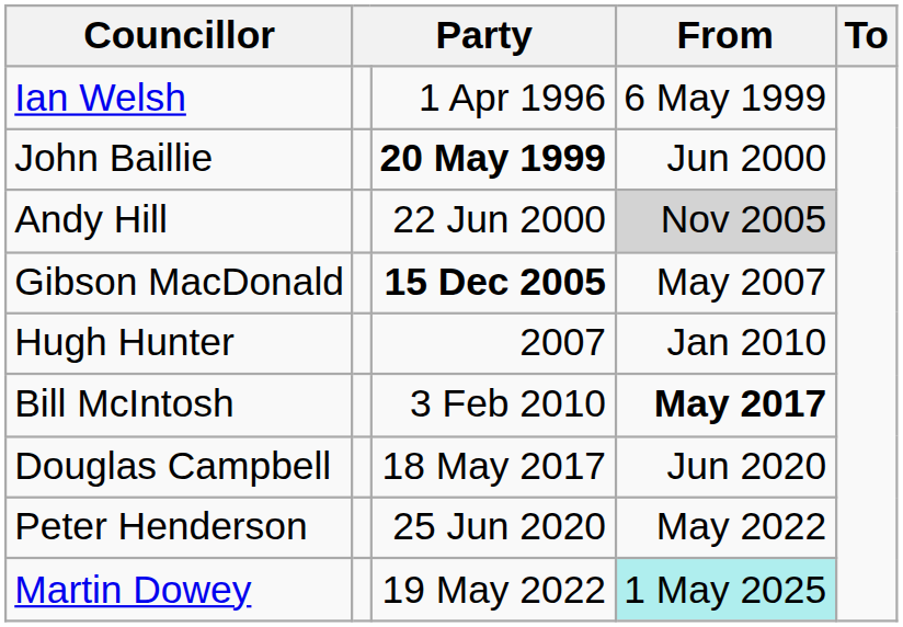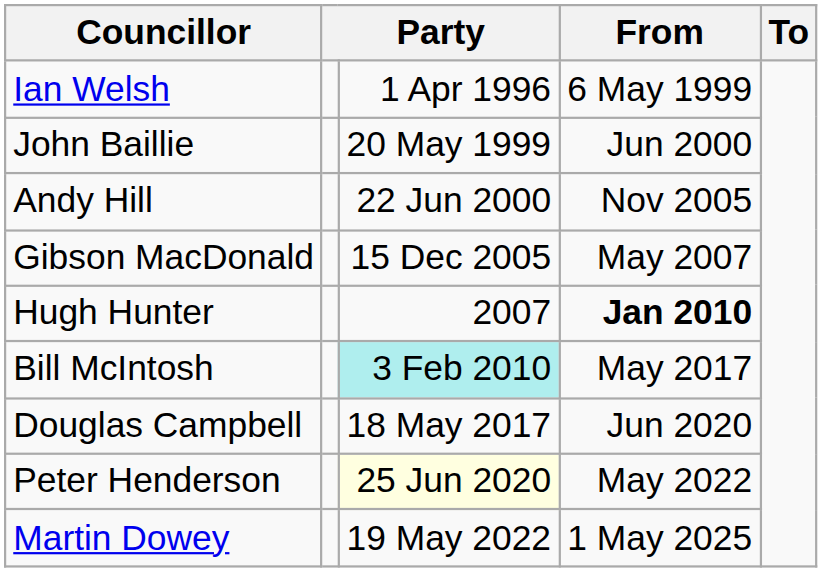 <table class=wikitable>
 <tr>
 <th>Councillor</th>
 <th colspan=2>Party</th>
 <th>From</th>
 <th>To</th>
 </tr>
 <tr>
 <td><a href='#'>Ian Welsh</a></td>
 <td></td>
 <td align=right>1 Apr 1996</td>
 <td align=right>6 May 1999</td>
 </tr>
 <tr>
 <td>John Baillie</td>
 <td></td>
-<td align=right><strong>20 May 1999</strong></td>
+<td align=right>20 May 1999</td>
 <td align=right>Jun 2000</td>
 </tr>
 <tr>
 <td>Andy Hill</td>
 <td></td>
 <td align=right>22 Jun 2000</td>
-<td align=right style="background: lightgrey;">Nov 2005</td>
+<td align=right>Nov 2005</td>
 </tr>
 <tr>
 <td>Gibson MacDonald</td>
 <td></td>
-<td align=right><strong>15 Dec 2005</strong></td>
+<td align=right>15 Dec 2005</td>
 <td align=right>May 2007</td>
 </tr>
 <tr>
 <td>Hugh Hunter</td>
 <td></td>
 <td align=right>2007</td>
-<td align=right>Jan 2010</td>
+<td align=right><strong>Jan 2010</strong></td>
 </tr>
 <tr>
 <td>Bill McIntosh</td>
 <td></td>
-<td align=right>3 Feb 2010</td>
-<td align=right><strong>May 2017</strong></td>
+<td align=right style="background: paleturquoise;">3 Feb 2010</td>
+<td align=right>May 2017</td>
 </tr>
 <tr>
 <td>Douglas Campbell</td>
 <td></td>
 <td align=right>18 May 2017</td>
 <td align=right>Jun 2020</td>
 </tr>
 <tr>
 <td>Peter Henderson</td>
 <td></td>
-<td align=right>25 Jun 2020</td>
+<td align=right style="background: lightyellow;">25 Jun 2020</td>
 <td align=right>May 2022</td>
 </tr>
 <tr>
 <td><a href='#'>Martin Dowey</a></td>
 <td></td>
 <td align=right>19 May 2022</td>
-<td align=right style="background: paleturquoise;">1 May 2025</td>
+<td align=right>1 May 2025</td>
 </tr>
 </table>
